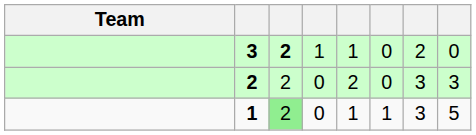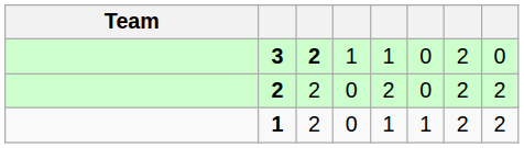 <table class="wikitable" style="text-align: center;">
 <tr>
 <th width=180>Team</th>
 <th width=20></th>
 <th width=20></th>
 <th width=20></th>
 <th width=20></th>
 <th width=20></th>
 <th width=20></th>
 <th width=20></th>
 </tr>
 <tr bgcolor=ccffcc>
 <td align=left></td>
 <td><strong>3</strong></td>
 <td><strong>2</strong></td>
 <td>1</td>
 <td>1</td>
 <td>0</td>
 <td>2</td>
 <td>0</td>
 </tr>
 <tr bgcolor=ccffcc>
 <td align=left></td>
 <td><strong>2</strong></td>
 <td>2</td>
 <td>0</td>
 <td>2</td>
 <td>0</td>
-<td>3</td>
-<td>3</td>
+<td>2</td>
+<td>2</td>
 </tr>
 <tr>
 <td align=left></td>
 <td><strong>1</strong></td>
-<td style="background: lightgreen;">2</td>
+<td>2</td>
 <td>0</td>
 <td>1</td>
 <td>1</td>
-<td>3</td>
-<td>5</td>
+<td>2</td>
+<td>2</td>
 </tr>
 </table>
